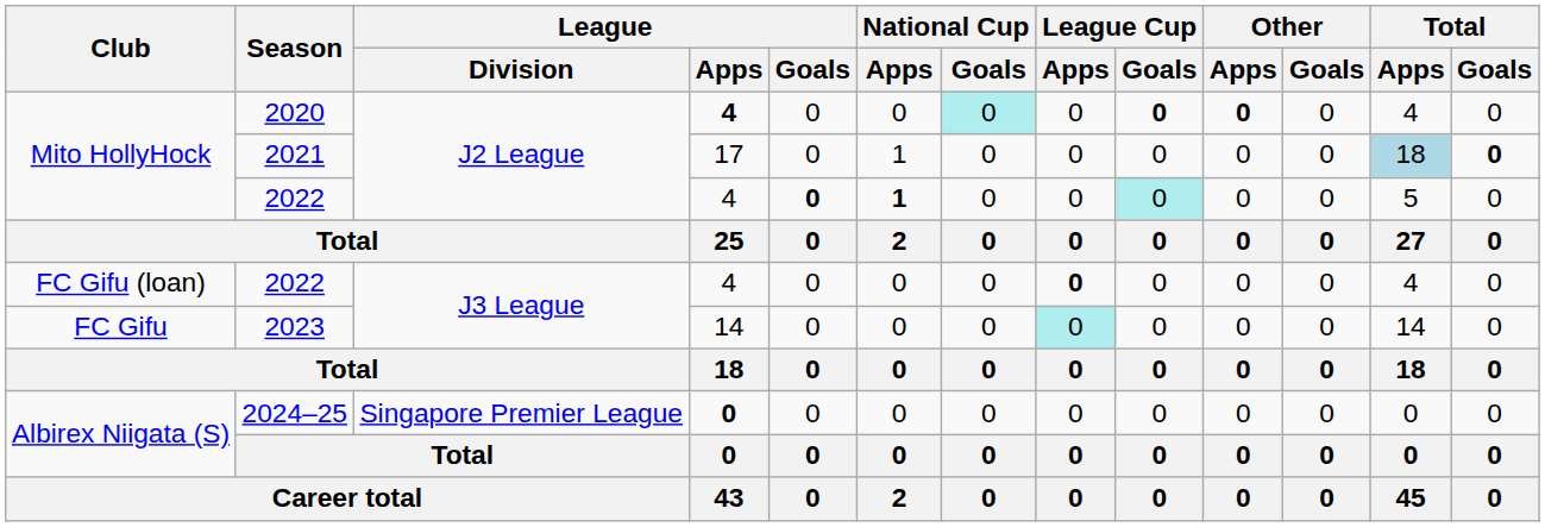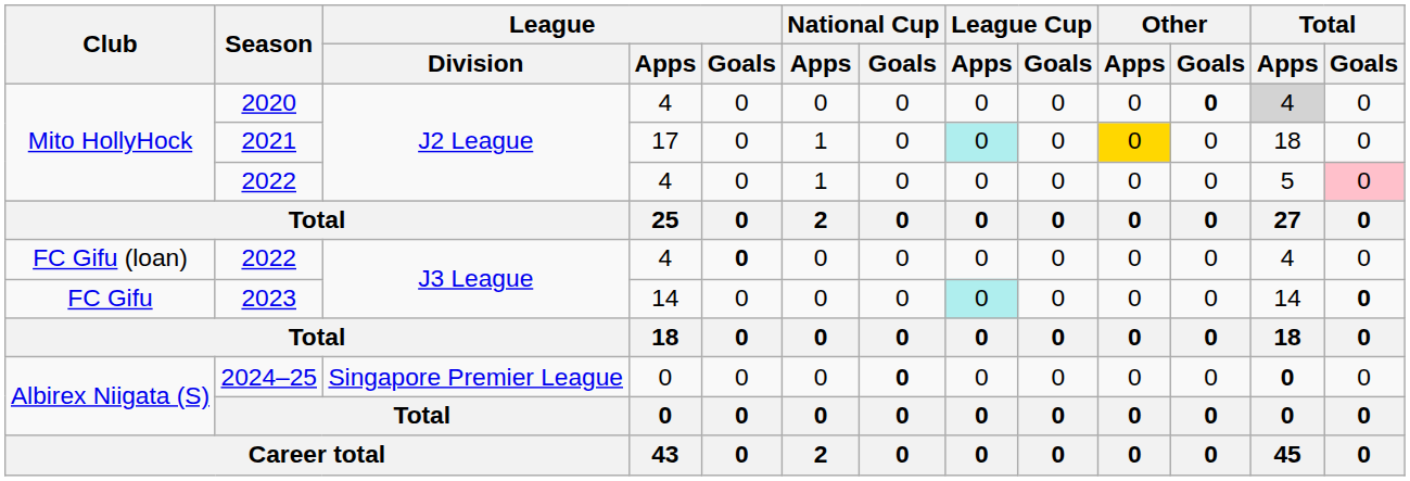 <table class="wikitable" style="text-align: center">
 <tr>
 <th rowspan="2">Club</th>
 <th rowspan="2">Season</th>
 <th colspan="3">League</th>
 <th colspan="2">National Cup</th>
 <th colspan="2">League Cup</th>
 <th colspan="2">Other</th>
 <th colspan="2">Total</th>
 </tr>
 <tr>
 <th>Division</th>
 <th>Apps</th>
 <th>Goals</th>
 <th>Apps</th>
 <th>Goals</th>
 <th>Apps</th>
 <th>Goals</th>
 <th>Apps</th>
 <th>Goals</th>
 <th>Apps</th>
 <th>Goals</th>
 </tr>
 <tr>
 <td rowspan="3"><a href='#'>Mito HollyHock</a></td>
 <td><a href='#'>2020</a></td>
 <td rowspan="3"><a href='#'>J2 League</a></td>
-<td><strong>4</strong></td>
+<td>4</td>
 <td>0</td>
 <td>0</td>
-<td style="background: paleturquoise;">0</td>
+<td>0</td>
+<td>0</td>
+<td>0</td>
 <td>0</td>
 <td><strong>0</strong></td>
-<td><strong>0</strong></td>
-<td>0</td>
-<td>4</td>
+<td style="background: lightgrey;">4</td>
 <td>0</td>
 </tr>
 <tr>
 <td><a href='#'>2021</a></td>
 <td>17</td>
 <td>0</td>
 <td>1</td>
 <td>0</td>
+<td style="background: paleturquoise;">0</td>
+<td>0</td>
+<td style="background: gold;">0</td>
+<td>0</td>
+<td>18</td>
+<td>0</td>
+</tr>
+<tr>
+<td><a href='#'>2022</a></td>
+<td>4</td>
+<td>0</td>
+<td>1</td>
 <td>0</td>
 <td>0</td>
 <td>0</td>
 <td>0</td>
-<td style="background: lightblue;">18</td>
-<td><strong>0</strong></td>
-</tr>
-<tr>
-<td><a href='#'>2022</a></td>
-<td>4</td>
-<td><strong>0</strong></td>
-<td><strong>1</strong></td>
-<td>0</td>
-<td>0</td>
-<td style="background: paleturquoise;">0</td>
-<td>0</td>
 <td>0</td>
 <td>5</td>
-<td>0</td>
+<td style="background: pink;">0</td>
 </tr>
 <tr>
 <th colspan="3">Total</th>
 <th>25</th>
 <th>0</th>
 <th>2</th>
 <th>0</th>
 <th>0</th>
 <th>0</th>
 <th>0</th>
 <th>0</th>
 <th>27</th>
 <th>0</th>
 </tr>
 <tr>
 <td rowspan="1"><a href='#'>FC Gifu</a> (loan)</td>
 <td><a href='#'>2022</a></td>
 <td rowspan="2"><a href='#'>J3 League</a></td>
 <td>4</td>
+<td><strong>0</strong></td>
 <td>0</td>
 <td>0</td>
 <td>0</td>
-<td><strong>0</strong></td>
 <td>0</td>
 <td>0</td>
 <td>0</td>
 <td>4</td>
 <td>0</td>
 </tr>
 <tr>
 <td rowspan="1"><a href='#'>FC Gifu</a></td>
 <td><a href='#'>2023</a></td>
 <td>14</td>
 <td>0</td>
 <td>0</td>
 <td>0</td>
 <td style="background: paleturquoise;">0</td>
 <td>0</td>
 <td>0</td>
 <td>0</td>
 <td>14</td>
-<td>0</td>
+<td><strong>0</strong></td>
 </tr>
 <tr>
 <th colspan="3">Total</th>
 <th>18</th>
 <th>0</th>
 <th>0</th>
 <th>0</th>
 <th>0</th>
 <th>0</th>
 <th>0</th>
 <th>0</th>
 <th>18</th>
 <th>0</th>
 </tr>
 <tr>
 <td rowspan="2"><a href='#'>Albirex Niigata (S)</a></td>
 <td><a href='#'>2024–25</a></td>
 <td><a href='#'>Singapore Premier League</a></td>
+<td>0</td>
+<td>0</td>
+<td>0</td>
 <td><strong>0</strong></td>
 <td>0</td>
 <td>0</td>
 <td>0</td>
 <td>0</td>
-<td>0</td>
-<td>0</td>
-<td>0</td>
-<td>0</td>
+<td><strong>0</strong></td>
 <td>0</td>
 </tr>
 <tr>
 <th colspan=2>Total</th>
 <th>0</th>
 <th>0</th>
 <th>0</th>
 <th>0</th>
 <th>0</th>
 <th>0</th>
 <th>0</th>
 <th>0</th>
 <th>0</th>
 <th>0</th>
 </tr>
 <tr>
 <th colspan=3>Career total</th>
 <th>43</th>
 <th>0</th>
 <th>2</th>
 <th>0</th>
 <th>0</th>
 <th>0</th>
 <th>0</th>
 <th>0</th>
 <th>45</th>
 <th>0</th>
 </tr>
 </table>
